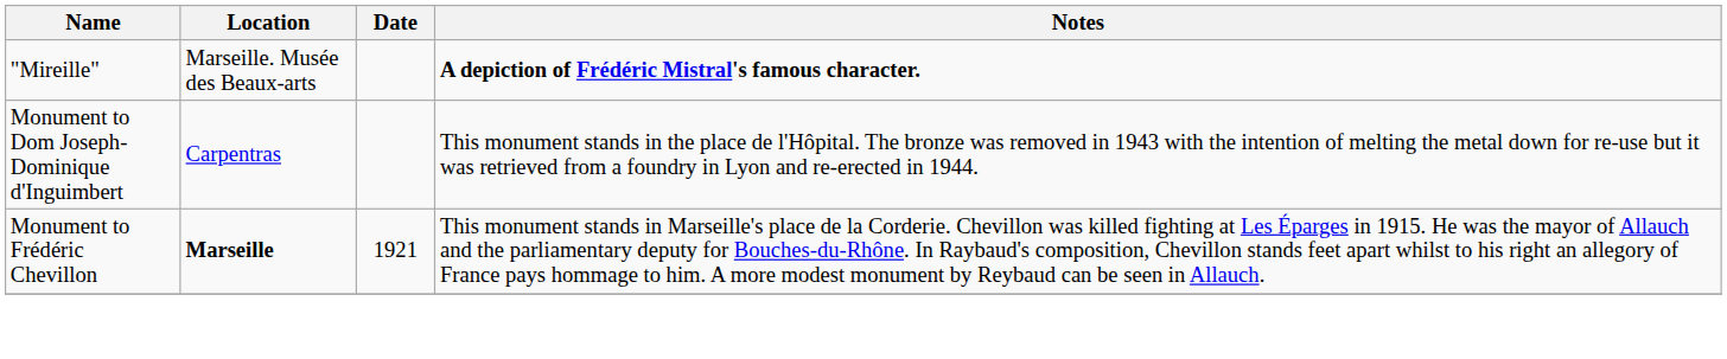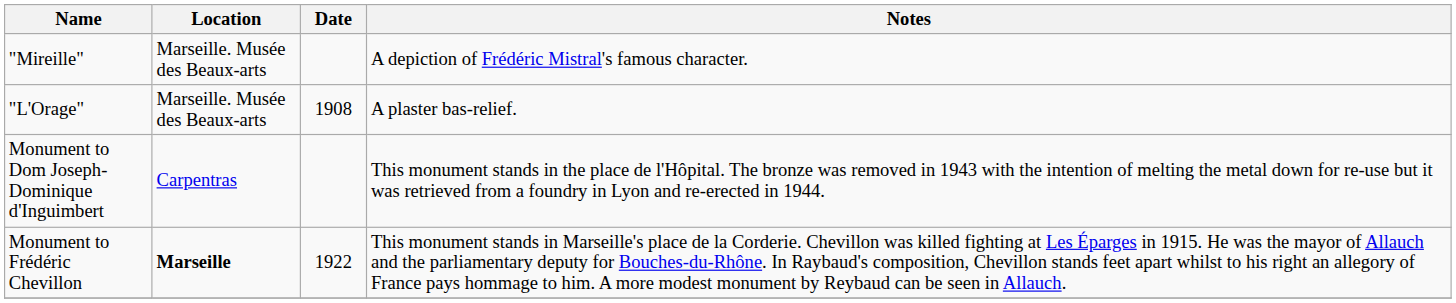 <table class="wikitable sortable plainrowheaders">
 <tr>
 <th style="width:120px">Name</th>
 <th style="width:120px">Location</th>
 <th style="width:50px">Date</th>
 <th class="unsortable">Notes</th>
 </tr>
 <tr>
 <td>"Mireille"</td>
 <td>Marseille. Musée des Beaux-arts</td>
 <td align="center"></td>
-<td><strong>A depiction of <a href='#'>Frédéric Mistral</a>'s famous character.</strong></td>
+<td>A depiction of <a href='#'>Frédéric Mistral</a>'s famous character.</td>
+</tr>
+<tr>
+<td>"L'Orage"</td>
+<td>Marseille. Musée des Beaux-arts</td>
+<td align="center">1908</td>
+<td>A plaster bas-relief.</td>
 </tr>
 <tr>
 <td>Monument to Dom Joseph-Dominique d'Inguimbert</td>
 <td><a href='#'>Carpentras</a></td>
 <td align="center"></td>
 <td>This monument stands in the place de l'Hôpital. The bronze was removed in 1943 with the intention of melting the metal down for re-use but it was retrieved from a foundry in Lyon and re-erected in 1944.<br> </td>
 </tr>
 <tr>
 <td>Monument to Frédéric Chevillon</td>
 <td><strong>Marseille</strong></td>
-<td align="center">1921</td>
+<td align="center">1922</td>
 <td>This monument stands in Marseille's place de la Corderie. Chevillon was killed fighting at <a href='#'>Les Éparges</a> in 1915. He was the mayor of <a href='#'>Allauch</a> and the parliamentary deputy for <a href='#'>Bouches-du-Rhône</a>. In Raybaud's composition, Chevillon stands feet apart whilst to his right an allegory of France pays hommage to him. A more modest monument by Reybaud can be seen in <a href='#'>Allauch</a>.<br> </td>
 </tr>
 <tr>
 </tr>
 </table>
